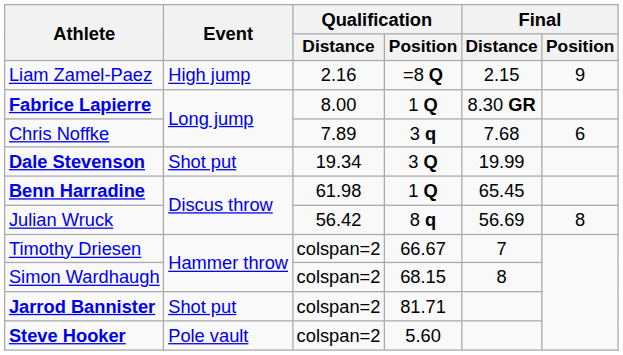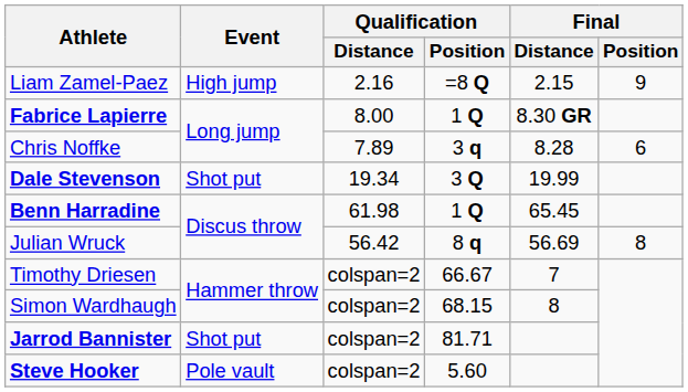 <table class=wikitable style="font-size:90%">
 <tr>
 <th rowspan="2">Athlete</th>
 <th rowspan="2">Event</th>
 <th colspan="2">Qualification</th>
 <th colspan="2">Final</th>
 </tr>
 <tr style="font-size:95%">
 <th>Distance</th>
 <th>Position</th>
 <th>Distance</th>
 <th>Position</th>
 </tr>
 <tr align=center>
 <td align=left><a href='#'>Liam Zamel-Paez</a></td>
 <td align=left><a href='#'>High jump</a></td>
 <td>2.16</td>
 <td>=8 <strong>Q</strong></td>
 <td>2.15</td>
 <td>9</td>
 </tr>
 <tr align=center>
 <td align=left><strong><a href='#'>Fabrice Lapierre</a></strong></td>
 <td align=left rowspan=2><a href='#'>Long jump</a></td>
 <td>8.00</td>
 <td>1 <strong>Q</strong></td>
 <td>8.30 <strong>GR</strong></td>
 <td></td>
 </tr>
 <tr align=center>
 <td align=left><a href='#'>Chris Noffke</a></td>
 <td>7.89</td>
 <td>3 <strong>q</strong></td>
-<td>7.68</td>
+<td>8.28</td>
 <td>6</td>
 </tr>
 <tr align=center>
 <td align=left><strong><a href='#'>Dale Stevenson</a></strong></td>
 <td align=left><a href='#'>Shot put</a></td>
 <td>19.34</td>
 <td>3 <strong>Q</strong></td>
 <td>19.99</td>
 <td></td>
 </tr>
 <tr align=center>
 <td align=left><strong><a href='#'>Benn Harradine</a></strong></td>
 <td align=left rowspan=2><a href='#'>Discus throw</a></td>
 <td>61.98</td>
 <td>1 <strong>Q</strong></td>
 <td>65.45</td>
 <td></td>
 </tr>
 <tr align=center>
 <td align=left><a href='#'>Julian Wruck</a></td>
 <td>56.42</td>
 <td>8 <strong>q</strong></td>
 <td>56.69</td>
 <td>8</td>
 </tr>
 <tr align=center>
 <td align=left><a href='#'>Timothy Driesen</a></td>
 <td align=left rowspan=2><a href='#'>Hammer throw</a></td>
 <td>colspan=2 </td>
 <td>66.67</td>
 <td>7</td>
 </tr>
 <tr align=center>
 <td align=left><a href='#'>Simon Wardhaugh</a></td>
 <td>colspan=2 </td>
 <td>68.15</td>
 <td>8</td>
 </tr>
 <tr align=center>
 <td align=left><strong><a href='#'>Jarrod Bannister</a></strong></td>
 <td align=left><a href='#'>Shot put</a></td>
 <td>colspan=2 </td>
 <td>81.71</td>
 <td></td>
 </tr>
 <tr align=center>
 <td align=left><strong><a href='#'>Steve Hooker</a></strong></td>
 <td align=left><a href='#'>Pole vault</a></td>
 <td>colspan=2 </td>
 <td>5.60</td>
 <td></td>
 </tr>
 </table>
